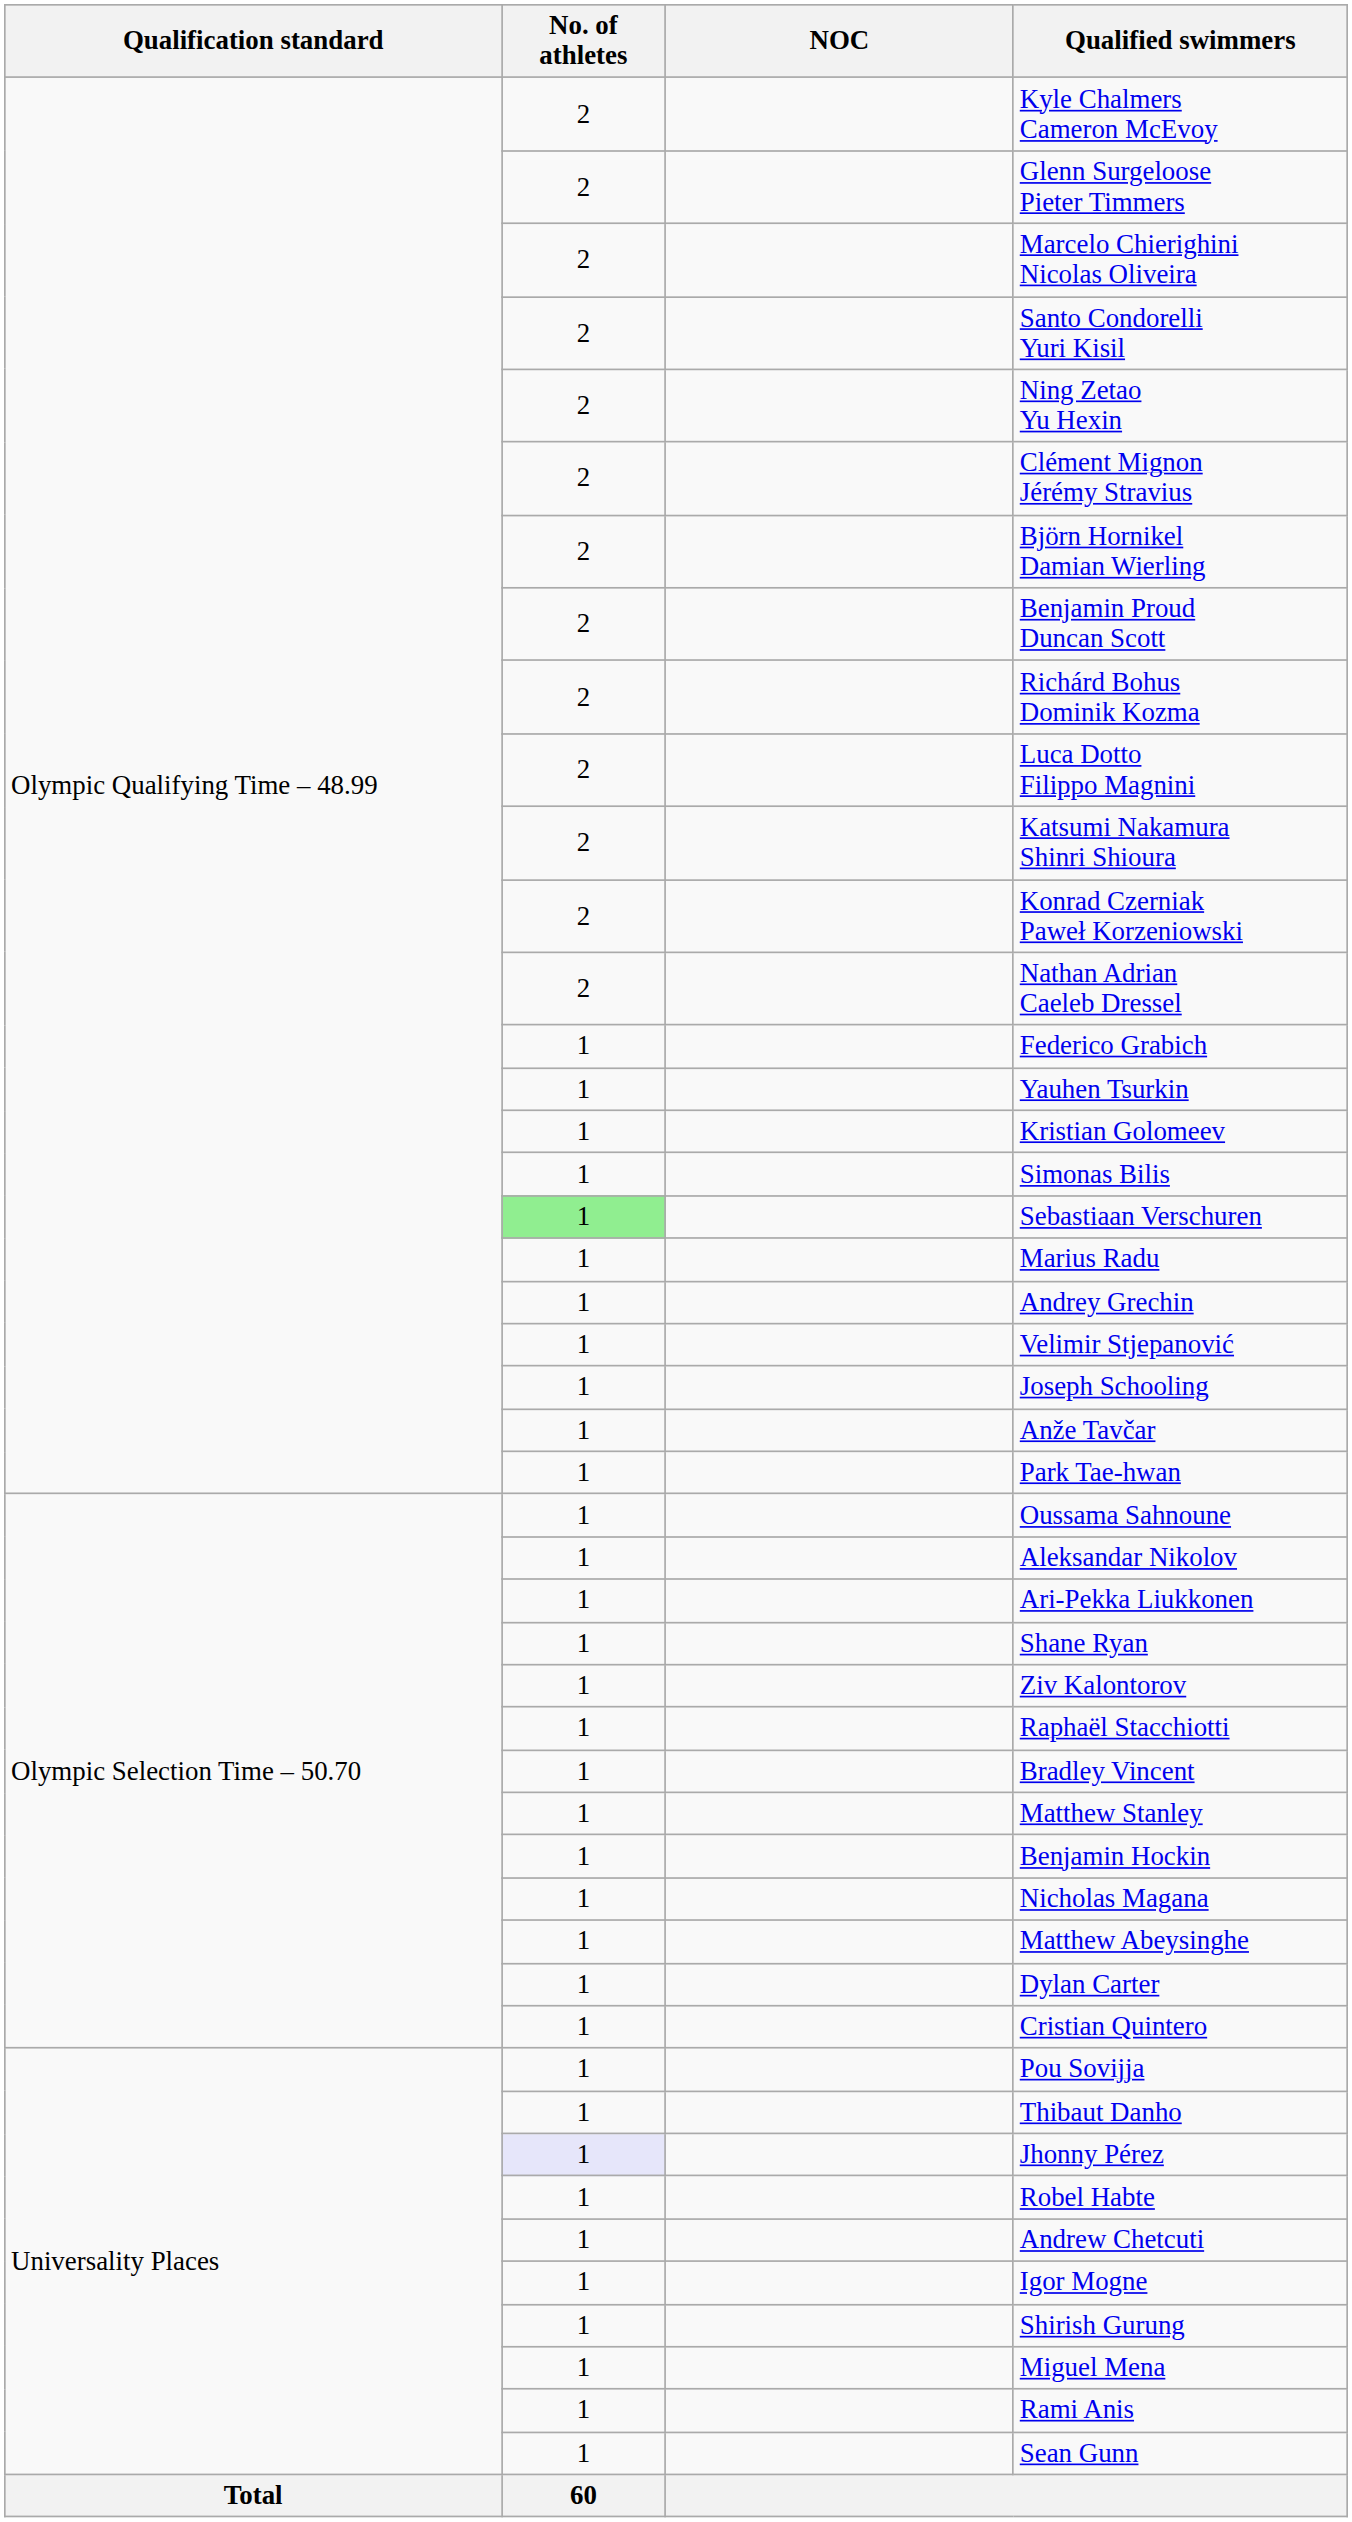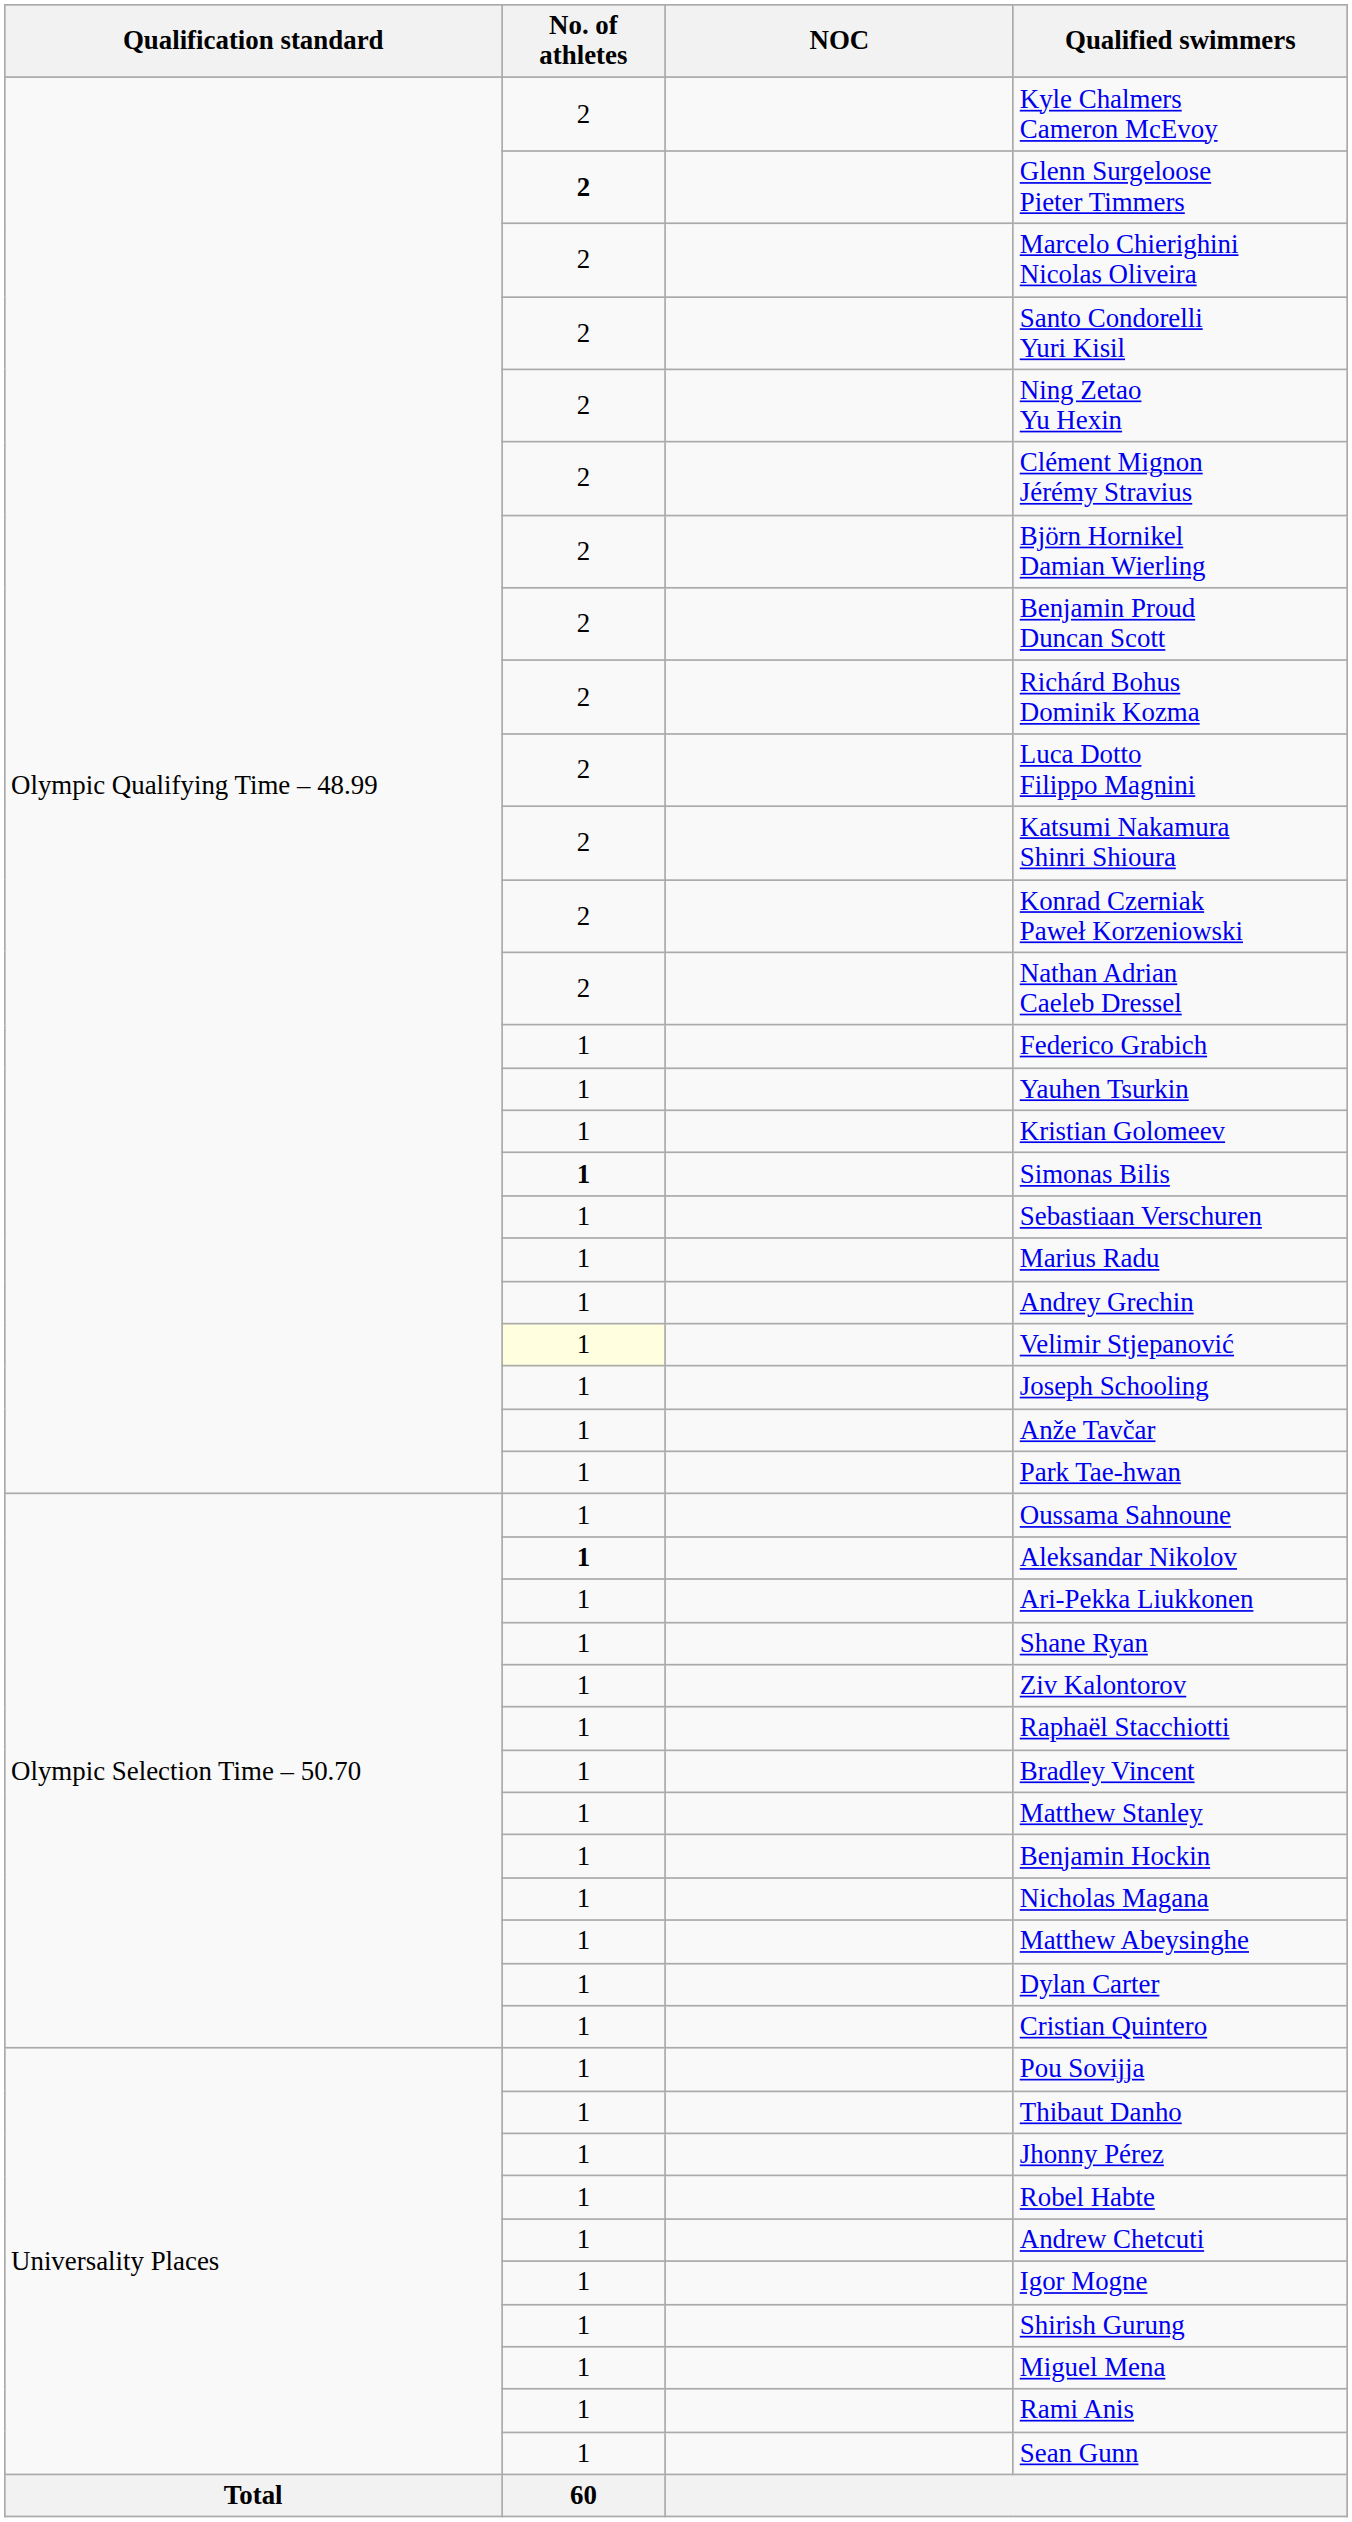 <table class=wikitable style="text-align:left" width=800>
 <tr>
 <th>Qualification standard</th>
 <th width=90>No. of athletes</th>
 <th width=200>NOC</th>
 <th>Qualified swimmers</th>
 </tr>
 <tr>
 <td rowspan=24>Olympic Qualifying Time – 48.99</td>
 <td align=center>2</td>
 <td></td>
 <td><a href='#'>Kyle Chalmers</a><br><a href='#'>Cameron McEvoy</a></td>
 </tr>
 <tr>
-<td align=center>2</td>
+<td align=center><strong>2</strong></td>
 <td></td>
 <td><a href='#'>Glenn Surgeloose</a><br><a href='#'>Pieter Timmers</a></td>
 </tr>
 <tr>
 <td align=center>2</td>
 <td></td>
 <td><a href='#'>Marcelo Chierighini</a><br><a href='#'>Nicolas Oliveira</a></td>
 </tr>
 <tr>
 <td align=center>2</td>
 <td></td>
 <td><a href='#'>Santo Condorelli</a><br><a href='#'>Yuri Kisil</a></td>
 </tr>
 <tr>
 <td align=center>2</td>
 <td></td>
 <td><a href='#'>Ning Zetao</a><br><a href='#'>Yu Hexin</a></td>
 </tr>
 <tr>
 <td align=center>2</td>
 <td></td>
 <td><a href='#'>Clément Mignon</a><br><a href='#'>Jérémy Stravius</a></td>
 </tr>
 <tr>
 <td align=center>2</td>
 <td></td>
 <td><a href='#'>Björn Hornikel</a><br><a href='#'>Damian Wierling</a></td>
 </tr>
 <tr>
 <td align=center>2</td>
 <td></td>
 <td><a href='#'>Benjamin Proud</a><br><a href='#'>Duncan Scott</a></td>
 </tr>
 <tr>
 <td align=center>2</td>
 <td></td>
 <td><a href='#'>Richárd Bohus</a><br><a href='#'>Dominik Kozma</a></td>
 </tr>
 <tr>
 <td align=center>2</td>
 <td></td>
 <td><a href='#'>Luca Dotto</a><br><a href='#'>Filippo Magnini</a></td>
 </tr>
 <tr>
 <td align=center>2</td>
 <td></td>
 <td><a href='#'>Katsumi Nakamura</a><br><a href='#'>Shinri Shioura</a></td>
 </tr>
 <tr>
 <td align="center">2</td>
 <td></td>
 <td><a href='#'>Konrad Czerniak</a><br><a href='#'>Paweł Korzeniowski</a></td>
 </tr>
 <tr>
 <td align="center">2</td>
 <td></td>
 <td><a href='#'>Nathan Adrian</a><br><a href='#'>Caeleb Dressel</a></td>
 </tr>
 <tr>
 <td align=center>1</td>
 <td></td>
 <td><a href='#'>Federico Grabich</a></td>
 </tr>
 <tr>
 <td align=center>1</td>
 <td></td>
 <td><a href='#'>Yauhen Tsurkin</a></td>
 </tr>
 <tr>
 <td align=center>1</td>
 <td></td>
 <td><a href='#'>Kristian Golomeev</a></td>
 </tr>
 <tr>
-<td align=center>1</td>
+<td align=center><strong>1</strong></td>
 <td></td>
 <td><a href='#'>Simonas Bilis</a></td>
 </tr>
 <tr>
-<td align=center style="background: lightgreen;">1</td>
+<td align=center>1</td>
 <td></td>
 <td><a href='#'>Sebastiaan Verschuren</a></td>
 </tr>
 <tr>
 <td align=center>1</td>
 <td></td>
 <td><a href='#'>Marius Radu</a></td>
 </tr>
 <tr>
 <td align=center>1</td>
 <td></td>
 <td><a href='#'>Andrey Grechin</a></td>
 </tr>
 <tr>
-<td align=center>1</td>
+<td align=center style="background: lightyellow;">1</td>
 <td></td>
 <td><a href='#'>Velimir Stjepanović</a></td>
 </tr>
 <tr>
 <td align=center>1</td>
 <td></td>
 <td><a href='#'>Joseph Schooling</a></td>
 </tr>
 <tr>
 <td align=center>1</td>
 <td></td>
 <td><a href='#'>Anže Tavčar</a></td>
 </tr>
 <tr>
 <td align=center>1</td>
 <td></td>
 <td><a href='#'>Park Tae-hwan</a></td>
 </tr>
 <tr>
 <td rowspan=13>Olympic Selection Time – 50.70</td>
 <td align=center>1</td>
 <td></td>
 <td><a href='#'>Oussama Sahnoune</a></td>
 </tr>
 <tr>
-<td align=center>1</td>
+<td align=center><strong>1</strong></td>
 <td></td>
 <td><a href='#'>Aleksandar Nikolov</a></td>
 </tr>
 <tr>
 <td align=center>1</td>
 <td></td>
 <td><a href='#'>Ari-Pekka Liukkonen</a></td>
 </tr>
 <tr>
 <td align=center>1</td>
 <td></td>
 <td><a href='#'>Shane Ryan</a></td>
 </tr>
 <tr>
 <td align=center>1</td>
 <td></td>
 <td><a href='#'>Ziv Kalontorov</a></td>
 </tr>
 <tr>
 <td align=center>1</td>
 <td></td>
 <td><a href='#'>Raphaël Stacchiotti</a></td>
 </tr>
 <tr>
 <td align=center>1</td>
 <td></td>
 <td><a href='#'>Bradley Vincent</a></td>
 </tr>
 <tr>
 <td align=center>1</td>
 <td></td>
 <td><a href='#'>Matthew Stanley</a></td>
 </tr>
 <tr>
 <td align=center>1</td>
 <td></td>
 <td><a href='#'>Benjamin Hockin</a></td>
 </tr>
 <tr>
 <td align=center>1</td>
 <td></td>
 <td><a href='#'>Nicholas Magana</a></td>
 </tr>
 <tr>
 <td align=center>1</td>
 <td></td>
 <td><a href='#'>Matthew Abeysinghe</a></td>
 </tr>
 <tr>
 <td align=center>1</td>
 <td></td>
 <td><a href='#'>Dylan Carter</a></td>
 </tr>
 <tr>
 <td align=center>1</td>
 <td></td>
 <td><a href='#'>Cristian Quintero</a></td>
 </tr>
 <tr>
 <td rowspan=10>Universality Places</td>
 <td align=center>1</td>
 <td></td>
 <td><a href='#'>Pou Sovijja</a></td>
 </tr>
 <tr>
 <td align=center>1</td>
 <td></td>
 <td><a href='#'>Thibaut Danho</a></td>
 </tr>
 <tr>
-<td align=center style="background: lavender;">1</td>
+<td align=center>1</td>
 <td></td>
 <td><a href='#'>Jhonny Pérez</a></td>
 </tr>
 <tr>
 <td align=center>1</td>
 <td></td>
 <td><a href='#'>Robel Habte</a></td>
 </tr>
 <tr>
 <td align=center>1</td>
 <td></td>
 <td><a href='#'>Andrew Chetcuti</a></td>
 </tr>
 <tr>
 <td align=center>1</td>
 <td></td>
 <td><a href='#'>Igor Mogne</a></td>
 </tr>
 <tr>
 <td align=center>1</td>
 <td></td>
 <td><a href='#'>Shirish Gurung</a></td>
 </tr>
 <tr>
 <td align=center>1</td>
 <td></td>
 <td><a href='#'>Miguel Mena</a></td>
 </tr>
 <tr>
 <td align=center>1</td>
 <td></td>
 <td><a href='#'>Rami Anis</a></td>
 </tr>
 <tr>
 <td align=center>1</td>
 <td></td>
 <td><a href='#'>Sean Gunn</a></td>
 </tr>
 <tr>
 <th><strong>Total</strong></th>
 <th>60</th>
 <th colspan=2></th>
 </tr>
 </table>
